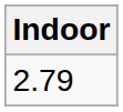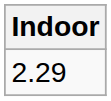 <table class="wikitable" border="1" align="upright">
 <tr>
 <th>Indoor</th>
 </tr>
 <tr>
-<td>2.79</td>
+<td>2.29</td>
 </tr>
 </table>
